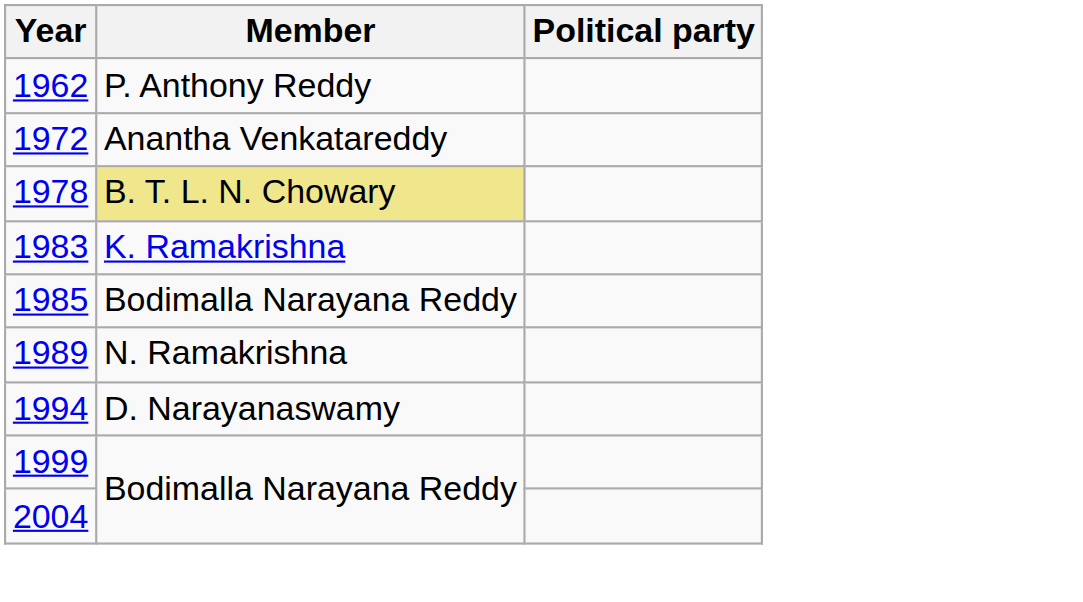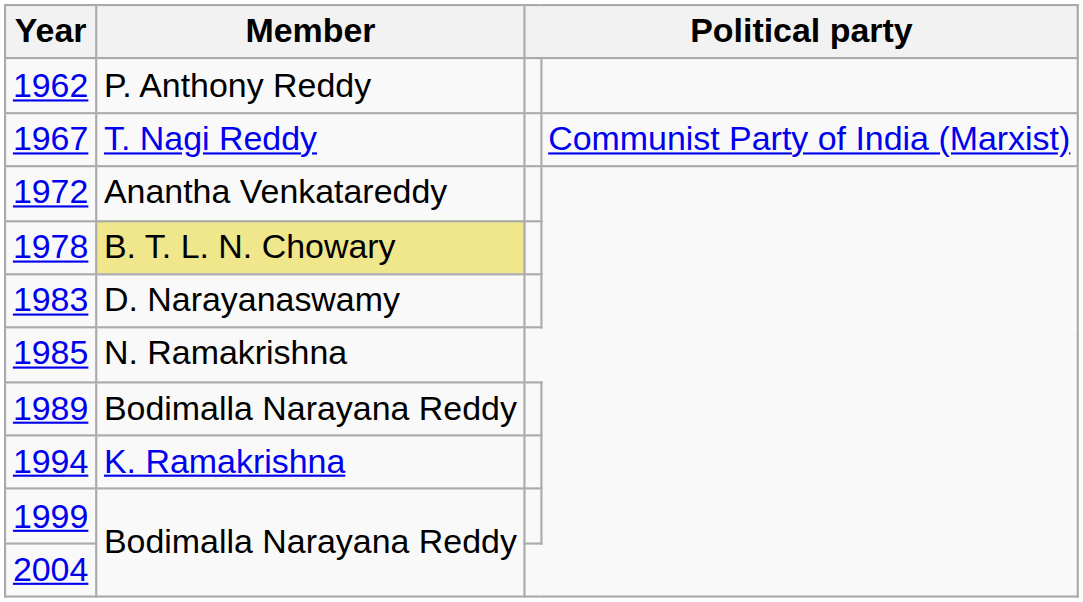 <table class="wikitable sortable">
 <tr>
 <th>Year</th>
 <th>Member</th>
 <th colspan="2">Political party</th>
 </tr>
 <tr>
 <td><a href='#'>1962</a></td>
 <td>P. Anthony Reddy</td>
 <td></td>
+</tr>
+<tr>
+<td><a href='#'>1967</a></td>
+<td><a href='#'>T. Nagi Reddy</a></td>
+<td style="background-color: "></td>
+<td><a href='#'>Communist Party of India (Marxist)</a></td>
 </tr>
 <tr>
 <td><a href='#'>1972</a></td>
 <td>Anantha Venkatareddy</td>
 <td></td>
 </tr>
 <tr>
 <td><a href='#'>1978</a></td>
 <td style="background: khaki;">B. T. L. N. Chowary</td>
 <td></td>
 </tr>
 <tr>
 <td><a href='#'>1983</a></td>
-<td><a href='#'>K. Ramakrishna</a></td>
+<td>D. Narayanaswamy</td>
 <td></td>
 </tr>
 <tr>
 <td><a href='#'>1985</a></td>
-<td>Bodimalla Narayana Reddy</td>
+<td>N. Ramakrishna</td>
 </tr>
 <tr>
 <td><a href='#'>1989</a></td>
-<td>N. Ramakrishna</td>
+<td>Bodimalla Narayana Reddy</td>
 <td></td>
 </tr>
 <tr>
 <td><a href='#'>1994</a></td>
-<td>D. Narayanaswamy</td>
+<td><a href='#'>K. Ramakrishna</a></td>
 <td></td>
 </tr>
 <tr>
 <td><a href='#'>1999</a></td>
 <td rowspan=2>Bodimalla Narayana Reddy</td>
 <td></td>
 </tr>
 <tr>
 <td><a href='#'>2004</a></td>
 </tr>
 </table>
